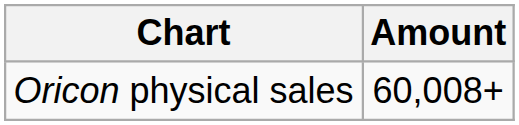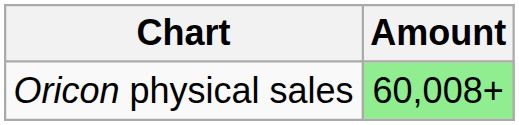 <table class="wikitable">
 <tr>
 <th>Chart</th>
 <th>Amount</th>
 </tr>
 <tr>
 <td><em>Oricon</em> physical sales</td>
-<td style="text-align:center;">60,008+</td>
+<td style="background: lightgreen; text-align:center;">60,008+</td>
 </tr>
 </table>
